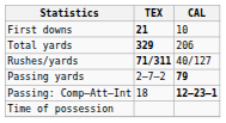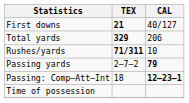 <table class="wikitable" style="float: left;">
 <tr>
 <th>Statistics</th>
 <th>TEX</th>
 <th>CAL</th>
 </tr>
 <tr>
 <td>First downs</td>
 <td><strong>21</strong></td>
-<td>10</td>
+<td>40/127</td>
 </tr>
 <tr>
 <td>Total yards</td>
 <td><strong>329</strong></td>
 <td>206</td>
 </tr>
 <tr>
 <td>Rushes/yards</td>
 <td><strong>71/311</strong></td>
-<td>40/127</td>
+<td>10</td>
 </tr>
 <tr>
 <td>Passing yards</td>
 <td>2–7–2</td>
 <td><strong>79</strong></td>
 </tr>
 <tr>
 <td>Passing: Comp–Att–Int</td>
 <td>18</td>
 <td><strong>12–23–1</strong></td>
 </tr>
 <tr>
 <td>Time of possession</td>
 <td></td>
 <td></td>
 </tr>
 <tr>
 </tr>
 </table>
